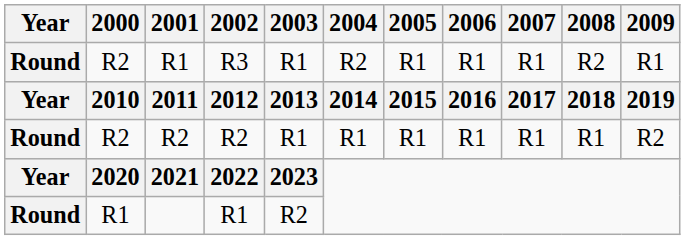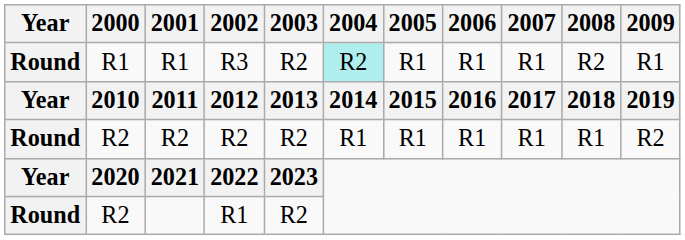 <table class="wikitable" style="text-align:center">
 <tr>
 <th>Year</th>
 <th>2000</th>
 <th>2001</th>
 <th>2002</th>
 <th>2003</th>
 <th>2004</th>
 <th>2005</th>
 <th>2006</th>
 <th>2007</th>
 <th>2008</th>
 <th>2009</th>
 </tr>
 <tr>
 <th>Round</th>
-<td>R2</td>
+<td>R1</td>
 <td>R1</td>
 <td>R3</td>
-<td>R1</td>
 <td>R2</td>
+<td style="background: paleturquoise;">R2</td>
 <td>R1</td>
 <td>R1</td>
 <td>R1</td>
 <td>R2</td>
 <td>R1</td>
 </tr>
 <tr>
 <th>Year</th>
 <th>2010</th>
 <th>2011</th>
 <th>2012</th>
 <th>2013</th>
 <th>2014</th>
 <th>2015</th>
 <th>2016</th>
 <th>2017</th>
 <th>2018</th>
 <th>2019</th>
 </tr>
 <tr>
 <th>Round</th>
 <td>R2</td>
 <td>R2</td>
 <td>R2</td>
-<td>R1</td>
+<td>R2</td>
 <td>R1</td>
 <td>R1</td>
 <td>R1</td>
 <td>R1</td>
 <td>R1</td>
 <td>R2</td>
 </tr>
 <tr>
 <th>Year</th>
 <th>2020</th>
 <th>2021</th>
 <th>2022</th>
 <th>2023</th>
 </tr>
 <tr>
 <th>Round</th>
-<td>R1</td>
+<td>R2</td>
 <td></td>
 <td>R1</td>
 <td>R2</td>
 </tr>
 </table>
